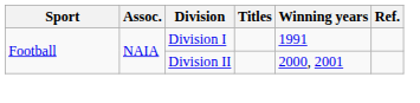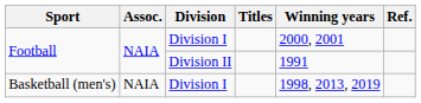 <table class="wikitable"; style= "text-align: ">
 <tr>
 <th width=120px>Sport</th>
 <th width=px>Assoc.</th>
 <th width=px>Division</th>
 <th width=px>Titles</th>
 <th width=px>Winning years</th>
 <th width=px>Ref.</th>
 </tr>
 <tr>
 <td rowspan=2><a href='#'>Football</a></td>
 <td rowspan=2><a href='#'>NAIA</a></td>
 <td><a href='#'>Division I</a></td>
 <td></td>
-<td><a href='#'>1991</a></td>
+<td><a href='#'>2000</a>, <a href='#'>2001</a></td>
 <td></td>
 </tr>
 <tr>
 <td><a href='#'>Division II</a></td>
 <td></td>
-<td><a href='#'>2000</a>, <a href='#'>2001</a></td>
+<td><a href='#'>1991</a></td>
+<td></td>
+</tr>
+<tr>
+<td>Basketball (men's)</td>
+<td>NAIA</td>
+<td><a href='#'>Division I</a></td>
+<td></td>
+<td><a href='#'>1998</a>, <a href='#'>2013</a>, <a href='#'>2019</a></td>
 <td></td>
 </tr>
 </table>
